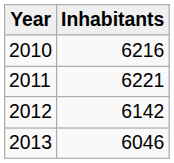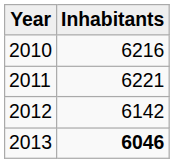 <table class="wikitable floatleft" style="clear:none;">
 <tr>
 <th style="background:#efefef;">Year</th>
 <th style="background:#efefef;">Inhabitants</th>
 </tr>
 <tr>
 <td>2010</td>
 <td align="right">6216</td>
 </tr>
 <tr>
 <td>2011</td>
 <td align="right">6221</td>
 </tr>
 <tr>
 <td>2012</td>
 <td align="right">6142</td>
 </tr>
 <tr>
 <td>2013</td>
-<td align="right">6046</td>
+<td align="right"><strong>6046</strong></td>
 </tr>
 </table>
